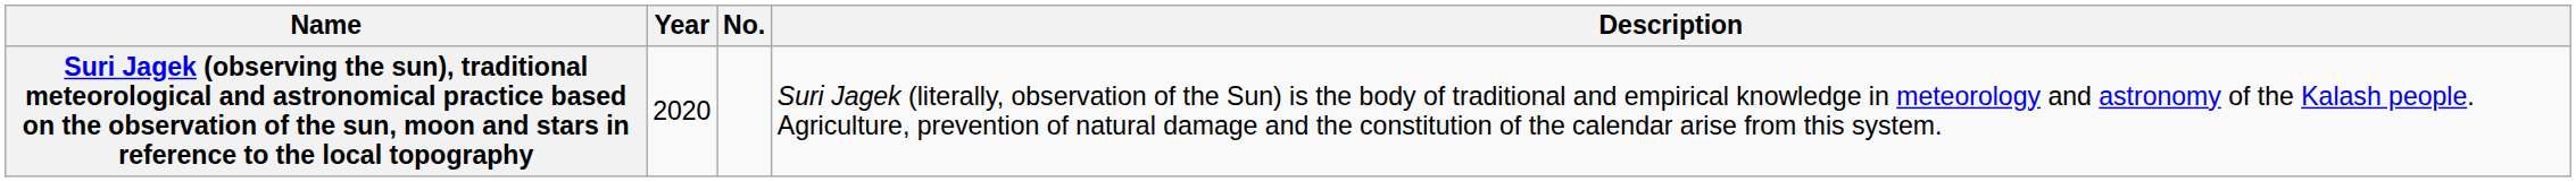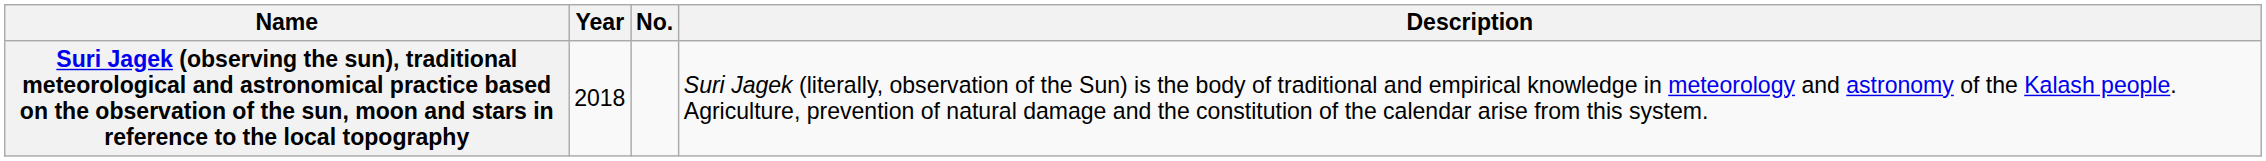 <table class="wikitable sortable plainrowheaders">
 <tr>
 <th style="width:25%">Name</th>
 <th>Year</th>
 <th>No.</th>
 <th class="unsortable">Description</th>
 </tr>
 <tr>
 <th scope="row"><a href='#'>Suri Jagek</a> (observing the sun), traditional meteorological and astronomical practice based on the observation of the sun, moon and stars in reference to the local topography</th>
-<td>2020</td>
+<td>2018</td>
 <td></td>
 <td><em>Suri Jagek</em> (literally, observation of the Sun) is the body of traditional and empirical knowledge in <a href='#'>meteorology</a> and <a href='#'>astronomy</a> of the <a href='#'>Kalash people</a>. Agriculture, prevention of natural damage and the constitution of the calendar arise from this system.</td>
 </tr>
 </table>
